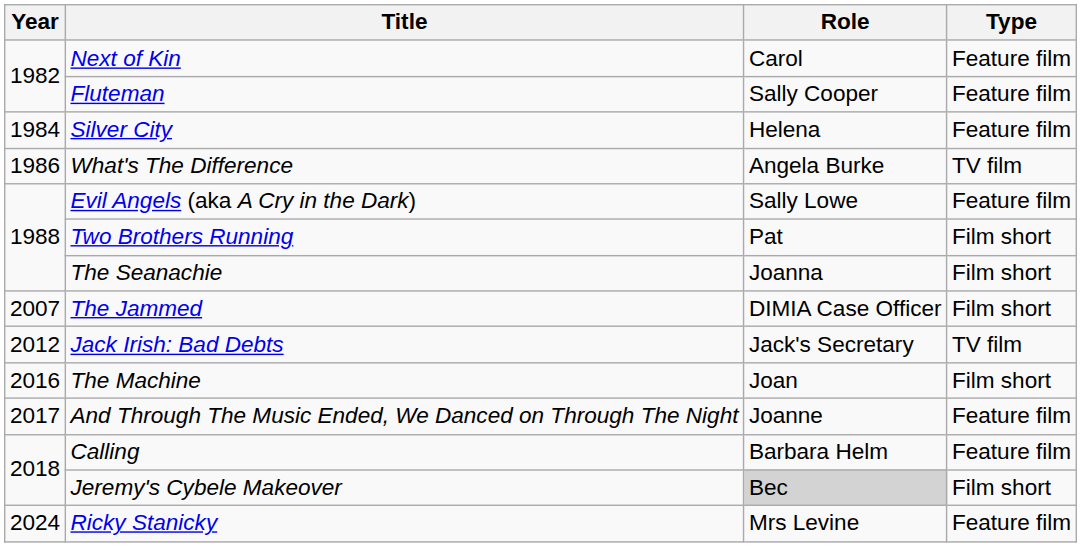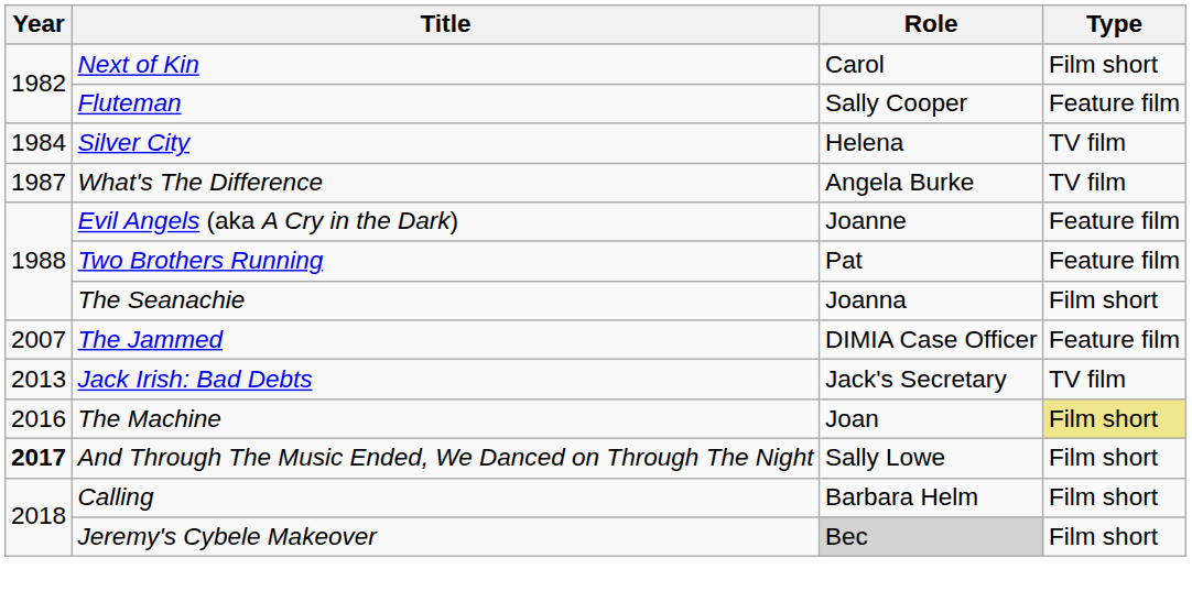 <table class="wikitable">
 <tr>
 <th>Year</th>
 <th>Title</th>
 <th>Role</th>
 <th>Type</th>
 </tr>
 <tr>
 <td rowspan="2">1982</td>
 <td><em><a href='#'>Next of Kin</a></em></td>
 <td>Carol</td>
-<td>Feature film</td>
+<td>Film short</td>
 </tr>
 <tr>
 <td><em><a href='#'>Fluteman</a></em></td>
 <td>Sally Cooper</td>
 <td>Feature film</td>
 </tr>
 <tr>
 <td>1984</td>
 <td><em><a href='#'>Silver City</a></em></td>
 <td>Helena</td>
-<td>Feature film</td>
+<td>TV film</td>
 </tr>
 <tr>
-<td>1986</td>
+<td>1987</td>
 <td><em>What's The Difference</em></td>
 <td>Angela Burke</td>
 <td>TV film</td>
 </tr>
 <tr>
 <td rowspan="3">1988</td>
 <td><em><a href='#'>Evil Angels</a></em> (aka <em>A Cry in the Dark</em>)</td>
-<td>Sally Lowe</td>
+<td>Joanne</td>
 <td>Feature film</td>
 </tr>
 <tr>
 <td><em><a href='#'>Two Brothers Running</a></em></td>
 <td>Pat</td>
-<td>Film short</td>
+<td>Feature film</td>
 </tr>
 <tr>
 <td><em>The Seanachie</em></td>
 <td>Joanna</td>
 <td>Film short</td>
 </tr>
 <tr>
 <td>2007</td>
 <td><em><a href='#'>The Jammed</a></em></td>
 <td>DIMIA Case Officer</td>
-<td>Film short</td>
+<td>Feature film</td>
 </tr>
 <tr>
-<td>2012</td>
+<td>2013</td>
 <td><em><a href='#'>Jack Irish: Bad Debts</a></em></td>
 <td>Jack's Secretary</td>
 <td>TV film</td>
 </tr>
 <tr>
 <td>2016</td>
 <td><em>The Machine</em></td>
 <td>Joan</td>
-<td>Film short</td>
+<td style="background: khaki;">Film short</td>
 </tr>
 <tr>
-<td>2017</td>
+<td><strong>2017</strong></td>
 <td><em>And Through The Music Ended, We Danced on Through The Night</em></td>
-<td>Joanne</td>
-<td>Feature film</td>
+<td>Sally Lowe</td>
+<td>Film short</td>
 </tr>
 <tr>
 <td rowspan="2">2018</td>
 <td><em>Calling</em></td>
 <td>Barbara Helm</td>
-<td>Feature film</td>
+<td>Film short</td>
 </tr>
 <tr>
 <td><em>Jeremy's Cybele Makeover</em></td>
 <td style="background: lightgrey;">Bec</td>
 <td>Film short</td>
 </tr>
-<tr>
-<td>2024</td>
-<td><em><a href='#'>Ricky Stanicky</a></em></td>
-<td>Mrs Levine</td>
-<td>Feature film</td>
-</tr>
 </table>
